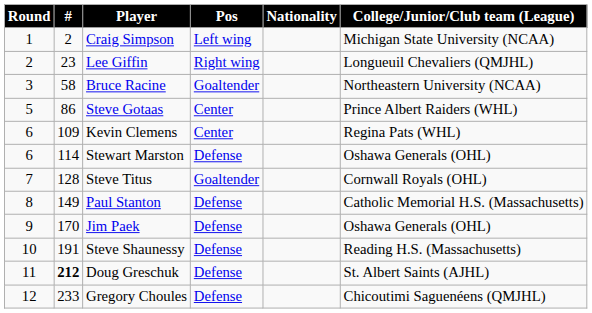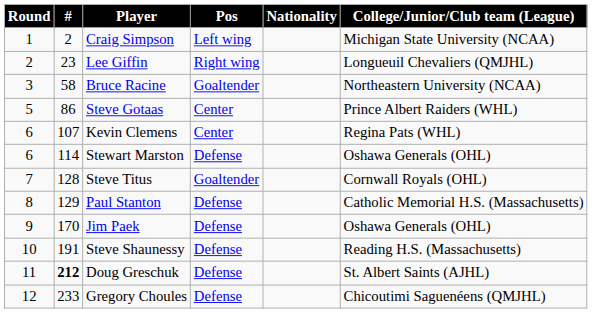 <table class="wikitable">
 <tr>
 <th style="color:white; background:#000000; ">Round</th>
 <th style="color:white; background:#000000; ">#</th>
 <th style="color:white; background:#000000; ">Player</th>
 <th style="color:white; background:#000000; ">Pos</th>
 <th style="color:white; background:#000000; ">Nationality</th>
 <th style="color:white; background:#000000; ">College/Junior/Club team (League)</th>
 </tr>
 <tr>
 <td align=center>1</td>
 <td align=center>2</td>
 <td><a href='#'>Craig Simpson</a></td>
 <td><a href='#'>Left wing</a></td>
 <td></td>
 <td>Michigan State University (NCAA)</td>
 </tr>
 <tr>
 <td align=center>2</td>
 <td align=center>23</td>
 <td><a href='#'>Lee Giffin</a></td>
 <td><a href='#'>Right wing</a></td>
 <td></td>
 <td>Longueuil Chevaliers (QMJHL)</td>
 </tr>
 <tr>
 <td align=center>3</td>
 <td align=center>58</td>
 <td><a href='#'>Bruce Racine</a></td>
 <td><a href='#'>Goaltender</a></td>
 <td></td>
 <td>Northeastern University (NCAA)</td>
 </tr>
 <tr>
 <td align=center>5</td>
 <td align=center>86</td>
 <td><a href='#'>Steve Gotaas</a></td>
 <td><a href='#'>Center</a></td>
 <td></td>
 <td>Prince Albert Raiders (WHL)</td>
 </tr>
 <tr>
 <td align=center>6</td>
-<td align=center>109</td>
+<td align=center>107</td>
 <td>Kevin Clemens</td>
 <td><a href='#'>Center</a></td>
 <td></td>
 <td>Regina Pats (WHL)</td>
 </tr>
 <tr>
 <td align=center>6</td>
 <td align=center>114</td>
 <td>Stewart Marston</td>
 <td><a href='#'>Defense</a></td>
 <td></td>
 <td>Oshawa Generals (OHL)</td>
 </tr>
 <tr>
 <td align=center>7</td>
 <td align=center>128</td>
 <td>Steve Titus</td>
 <td><a href='#'>Goaltender</a></td>
 <td></td>
 <td>Cornwall Royals (OHL)</td>
 </tr>
 <tr>
 <td align=center>8</td>
-<td align=center>149</td>
+<td align=center>129</td>
 <td><a href='#'>Paul Stanton</a></td>
 <td><a href='#'>Defense</a></td>
 <td></td>
 <td>Catholic Memorial H.S. (Massachusetts)</td>
 </tr>
 <tr>
 <td align=center>9</td>
 <td align=center>170</td>
 <td><a href='#'>Jim Paek</a></td>
 <td><a href='#'>Defense</a></td>
 <td></td>
 <td>Oshawa Generals (OHL)</td>
 </tr>
 <tr>
 <td align=center>10</td>
 <td align=center>191</td>
 <td>Steve Shaunessy</td>
 <td><a href='#'>Defense</a></td>
 <td></td>
 <td>Reading H.S. (Massachusetts)</td>
 </tr>
 <tr>
 <td align=center>11</td>
 <td align=center><strong>212</strong></td>
 <td>Doug Greschuk</td>
 <td><a href='#'>Defense</a></td>
 <td></td>
 <td>St. Albert Saints (AJHL)</td>
 </tr>
 <tr>
 <td align=center>12</td>
 <td align=center>233</td>
 <td>Gregory Choules</td>
 <td><a href='#'>Defense</a></td>
 <td></td>
 <td>Chicoutimi Saguenéens (QMJHL)</td>
 </tr>
 </table>
